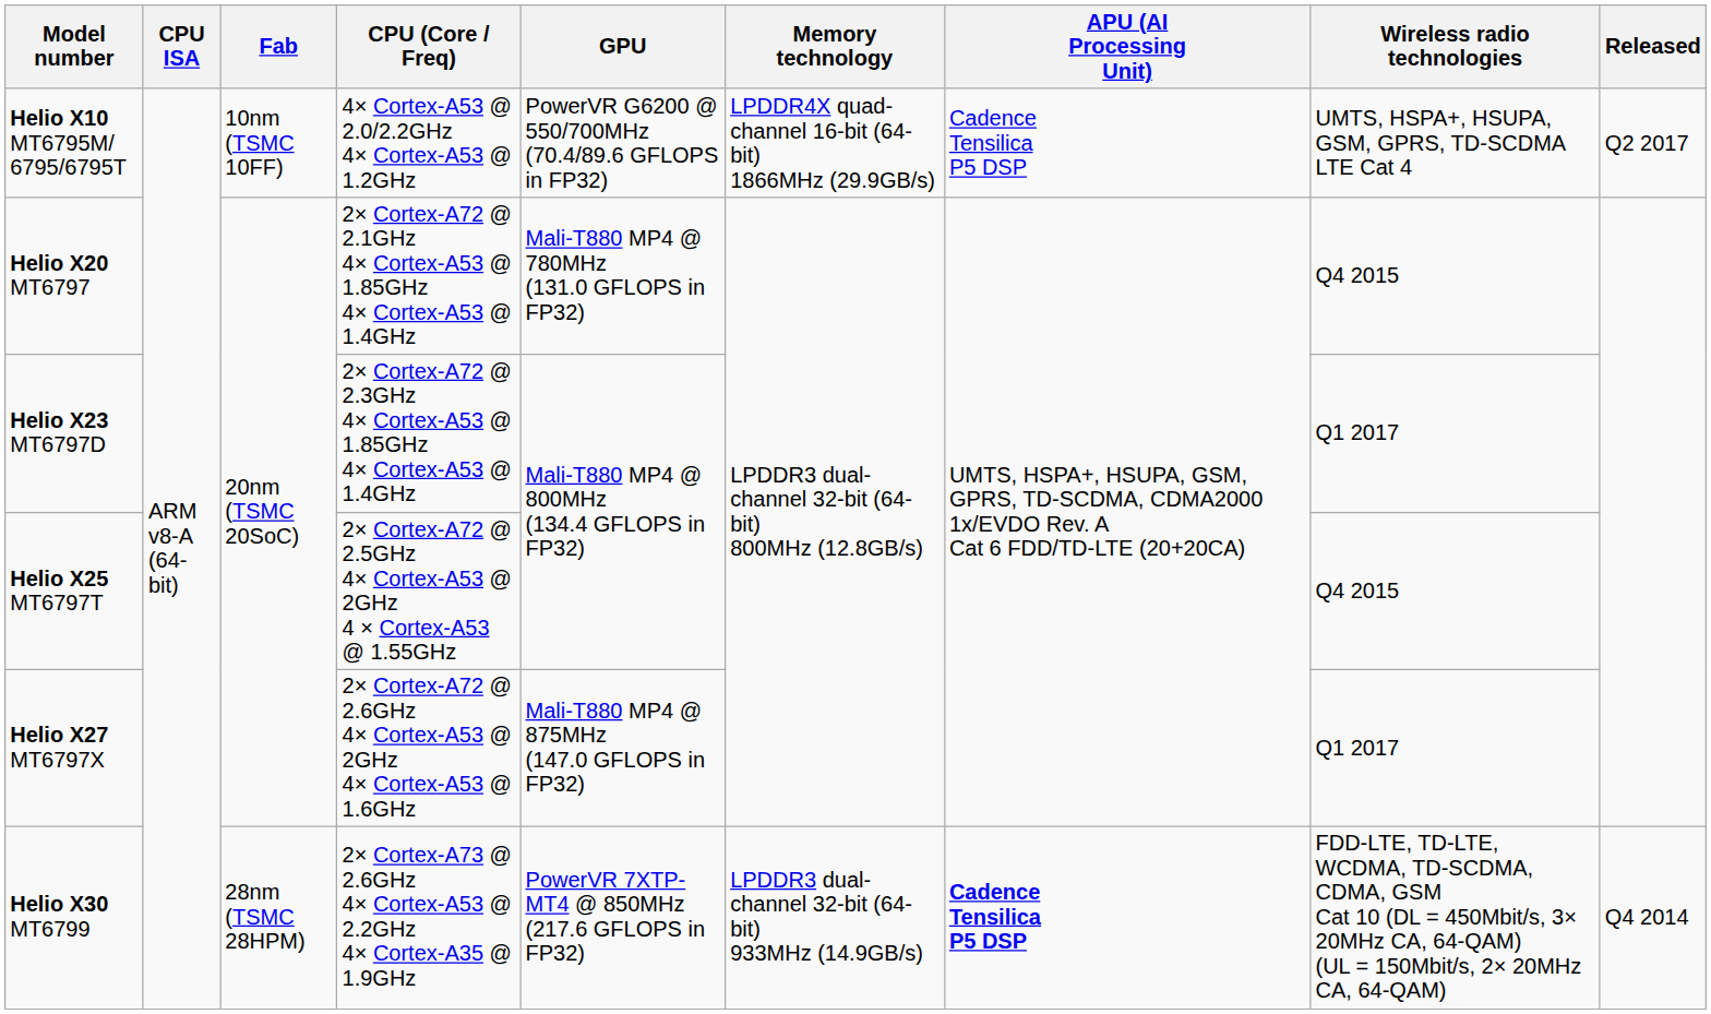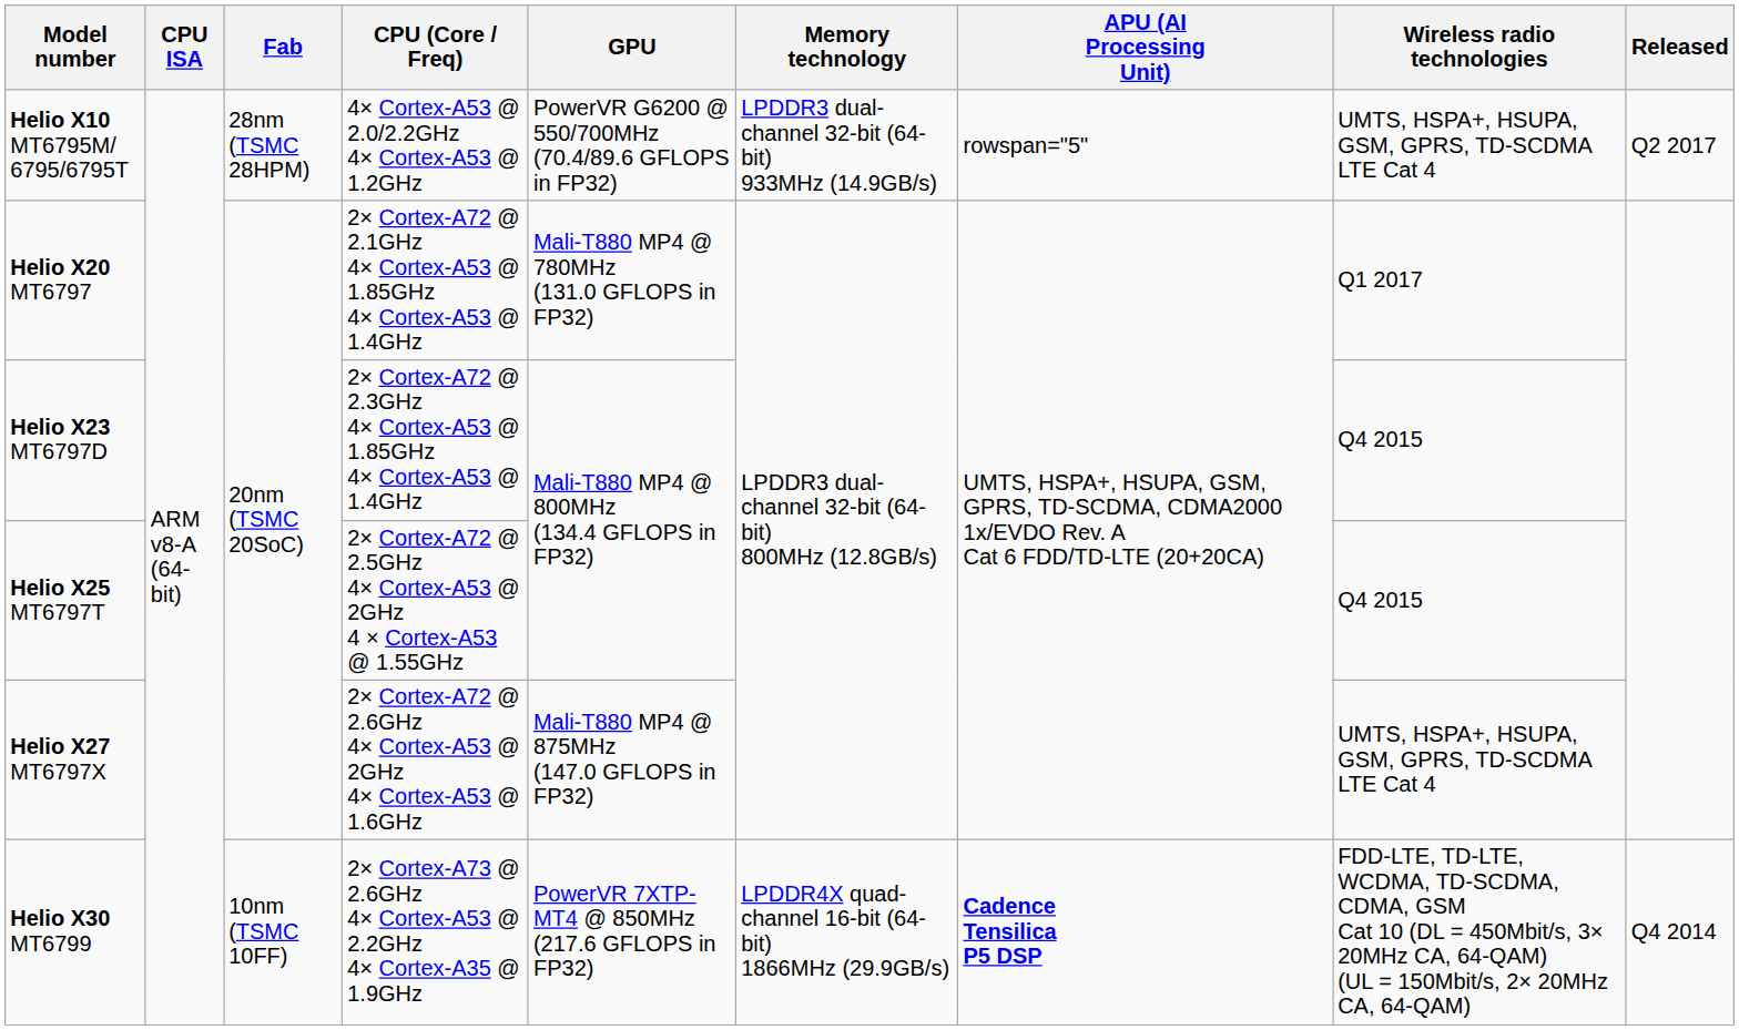 <table class="wikitable">
 <tr>
 <th>Model number</th>
 <th>CPU <a href='#'>ISA</a></th>
 <th><a href='#'>Fab</a></th>
 <th>CPU (Core / Freq)</th>
 <th>GPU</th>
 <th>Memory <br>technology</th>
 <th><a href='#'>APU (AI <br>Processing <br>Unit)</a></th>
 <th>Wireless radio <br>technologies</th>
 <th>Released</th>
 </tr>
 <tr>
 <td><b>Helio X10</b><br>MT6795M/ <br>6795/6795T</td>
 <td rowspan="6">ARM v8-A<br>(64-bit)</td>
-<td>10nm<br>(<a href='#'>TSMC</a> 10FF)</td>
+<td>28nm <br>(<a href='#'>TSMC</a> 28HPM)</td>
 <td>4× <a href='#'>Cortex-A53</a> @ 2.0/2.2GHz<br>4× <a href='#'>Cortex-A53</a> @ 1.2GHz</td>
 <td>PowerVR G6200 @ 550/700MHz<br>(70.4/89.6 GFLOPS in FP32)</td>
-<td><a href='#'>LPDDR4X</a> quad-channel 16-bit (64-bit)<br>1866MHz (29.9GB/s)</td>
-<td><a href='#'>Cadence <br>Tensilica <br>P5 DSP</a></td>
+<td><a href='#'>LPDDR3</a> dual-channel 32-bit (64-bit)<br>933MHz (14.9GB/s)</td>
+<td>rowspan="5" </td>
 <td>UMTS, HSPA+, HSUPA, GSM, GPRS, TD-SCDMA<br>LTE Cat 4</td>
 <td>Q2 2017</td>
 </tr>
 <tr>
 <td><b>Helio X20</b><br>MT6797</td>
 <td rowspan="4">20nm <br>(<a href='#'>TSMC</a> 20SoC)</td>
 <td>2× <a href='#'>Cortex-A72</a> @ 2.1GHz<br>4× <a href='#'>Cortex-A53</a> @ 1.85GHz<br>4× <a href='#'>Cortex-A53</a> @ 1.4GHz</td>
 <td><a href='#'>Mali-T880</a> MP4 @ 780MHz<br>(131.0 GFLOPS in FP32)</td>
 <td rowspan="4">LPDDR3 dual-channel 32-bit (64-bit)<br>800MHz (12.8GB/s)</td>
 <td rowspan="4">UMTS, HSPA+, HSUPA, GSM, GPRS, TD-SCDMA, CDMA2000 1x/EVDO Rev. A<br>Cat 6 FDD/TD-LTE (20+20CA)</td>
-<td>Q4 2015</td>
+<td>Q1 2017</td>
 </tr>
 <tr>
 <td><b>Helio X23</b><br>MT6797D</td>
 <td>2× <a href='#'>Cortex-A72</a> @ 2.3GHz<br>4× <a href='#'>Cortex-A53</a> @ 1.85GHz<br>4× <a href='#'>Cortex-A53</a> @ 1.4GHz</td>
 <td rowspan="2"><a href='#'>Mali-T880</a> MP4 @ 800MHz<br>(134.4 GFLOPS in FP32)</td>
-<td>Q1 2017</td>
+<td>Q4 2015</td>
 </tr>
 <tr>
 <td><b>Helio X25</b><br>MT6797T</td>
 <td>2× <a href='#'>Cortex-A72</a> @ 2.5GHz<br>4× <a href='#'>Cortex-A53</a> @ 2GHz<br>4 × <a href='#'>Cortex-A53</a> @ 1.55GHz</td>
 <td>Q4 2015</td>
 </tr>
 <tr>
 <td><b>Helio X27</b><br>MT6797X</td>
 <td>2× <a href='#'>Cortex-A72</a> @ 2.6GHz<br>4× <a href='#'>Cortex-A53</a> @ 2GHz<br>4× <a href='#'>Cortex-A53</a> @ 1.6GHz</td>
 <td><a href='#'>Mali-T880</a> MP4 @ 875MHz<br>(147.0 GFLOPS in FP32)</td>
-<td>Q1 2017</td>
+<td>UMTS, HSPA+, HSUPA, GSM, GPRS, TD-SCDMA<br>LTE Cat 4</td>
 </tr>
 <tr>
 <td><b>Helio X30</b><br>MT6799</td>
-<td>28nm <br>(<a href='#'>TSMC</a> 28HPM)</td>
+<td>10nm<br>(<a href='#'>TSMC</a> 10FF)</td>
 <td>2× <a href='#'>Cortex-A73</a> @ 2.6GHz<br>4× <a href='#'>Cortex-A53</a> @ 2.2GHz<br>4× <a href='#'>Cortex-A35</a> @ 1.9GHz</td>
 <td><a href='#'>PowerVR 7XTP-MT4</a> @ 850MHz<br>(217.6 GFLOPS in FP32)</td>
-<td><a href='#'>LPDDR3</a> dual-channel 32-bit (64-bit)<br>933MHz (14.9GB/s)</td>
+<td><a href='#'>LPDDR4X</a> quad-channel 16-bit (64-bit)<br>1866MHz (29.9GB/s)</td>
 <td><strong><a href='#'>Cadence <br>Tensilica <br>P5 DSP</a></strong></td>
 <td>FDD-LTE, TD-LTE, WCDMA, TD-SCDMA, CDMA, GSM<br>Cat 10 (DL = 450Mbit/s, 3× 20MHz CA, 64-QAM)<br>(UL = 150Mbit/s, 2× 20MHz CA, 64-QAM)</td>
 <td>Q4 2014</td>
 </tr>
 <tr>
 </tr>
 </table>
